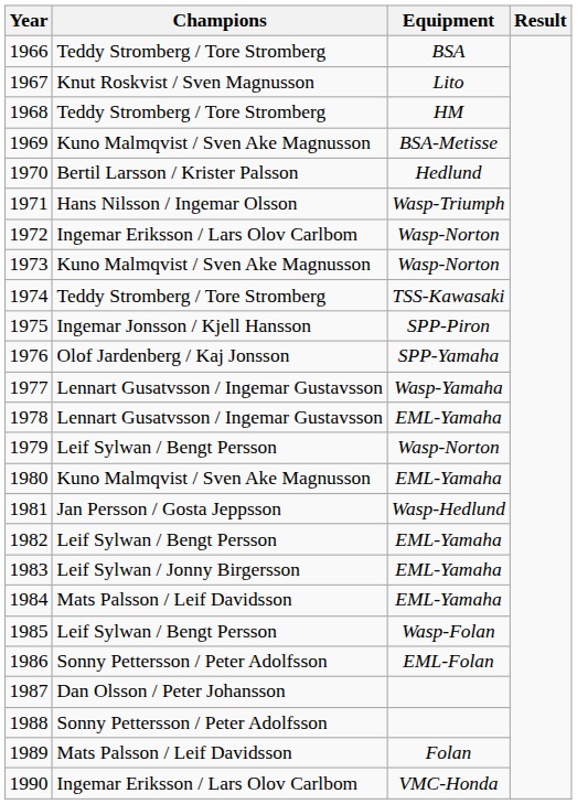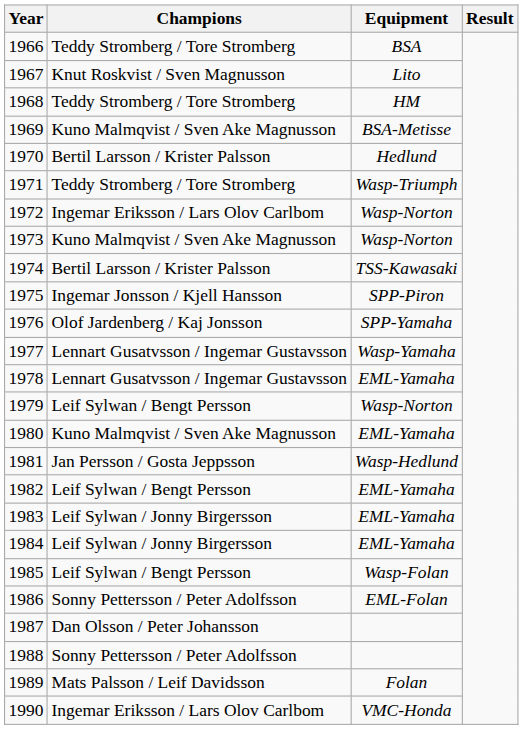 <table class="wikitable" style="display:inline-table;">
 <tr>
 <th>Year</th>
 <th>Champions</th>
 <th>Equipment</th>
 <th>Result</th>
 </tr>
 <tr align="center">
 <td>1966</td>
 <td align="left">Teddy Stromberg / Tore Stromberg</td>
 <td><em>BSA</em></td>
 <td rowspan=25></td>
 </tr>
 <tr align="center">
 <td>1967</td>
 <td align="left">Knut Roskvist / Sven Magnusson</td>
 <td><em>Lito</em></td>
 </tr>
 <tr align="center">
 <td>1968</td>
 <td align="left">Teddy Stromberg / Tore Stromberg</td>
 <td><em>HM</em></td>
 </tr>
 <tr align="center">
 <td>1969</td>
 <td align="left">Kuno Malmqvist / Sven Ake Magnusson</td>
 <td><em>BSA-Metisse</em></td>
 </tr>
 <tr align="center">
 <td>1970</td>
 <td align="left">Bertil Larsson / Krister Palsson</td>
 <td><em>Hedlund</em></td>
 </tr>
 <tr align="center">
 <td>1971</td>
-<td align="left">Hans Nilsson / Ingemar Olsson</td>
+<td align="left">Teddy Stromberg / Tore Stromberg</td>
 <td><em>Wasp-Triumph</em></td>
 </tr>
 <tr align="center">
 <td>1972</td>
 <td align="left">Ingemar Eriksson / Lars Olov Carlbom</td>
 <td><em>Wasp-Norton</em></td>
 </tr>
 <tr align="center">
 <td>1973</td>
 <td align="left">Kuno Malmqvist / Sven Ake Magnusson</td>
 <td><em>Wasp-Norton</em></td>
 </tr>
 <tr align="center">
 <td>1974</td>
-<td align="left">Teddy Stromberg / Tore Stromberg</td>
+<td align="left">Bertil Larsson / Krister Palsson</td>
 <td><em>TSS-Kawasaki</em></td>
 </tr>
 <tr align="center">
 <td>1975</td>
 <td align="left">Ingemar Jonsson / Kjell Hansson</td>
 <td><em>SPP-Piron</em></td>
 </tr>
 <tr align="center">
 <td>1976</td>
 <td align="left">Olof Jardenberg / Kaj Jonsson</td>
 <td><em>SPP-Yamaha</em></td>
 </tr>
 <tr align="center">
 <td>1977</td>
 <td align="left">Lennart Gusatvsson / Ingemar Gustavsson</td>
 <td><em>Wasp-Yamaha</em></td>
 </tr>
 <tr align="center">
 <td>1978</td>
 <td align="left">Lennart Gusatvsson / Ingemar Gustavsson</td>
 <td><em>EML-Yamaha</em></td>
 </tr>
 <tr align="center">
 <td>1979</td>
 <td align="left">Leif Sylwan / Bengt Persson</td>
 <td><em>Wasp-Norton</em></td>
 </tr>
 <tr align="center">
 <td>1980</td>
 <td align="left">Kuno Malmqvist / Sven Ake Magnusson</td>
 <td><em>EML-Yamaha</em></td>
 </tr>
 <tr align="center">
 <td>1981</td>
 <td align="left">Jan Persson / Gosta Jeppsson</td>
 <td><em>Wasp-Hedlund</em></td>
 </tr>
 <tr align="center">
 <td>1982</td>
 <td align="left">Leif Sylwan / Bengt Persson</td>
 <td><em>EML-Yamaha</em></td>
 </tr>
 <tr align="center">
 <td>1983</td>
 <td align="left">Leif Sylwan / Jonny Birgersson</td>
 <td><em>EML-Yamaha</em></td>
 </tr>
 <tr align="center">
 <td>1984</td>
-<td align="left">Mats Palsson / Leif Davidsson</td>
+<td align="left">Leif Sylwan / Jonny Birgersson</td>
 <td><em>EML-Yamaha</em></td>
 </tr>
 <tr align="center">
 <td>1985</td>
 <td align="left">Leif Sylwan / Bengt Persson</td>
 <td><em>Wasp-Folan</em></td>
 </tr>
 <tr align="center">
 <td>1986</td>
 <td align="left">Sonny Pettersson / Peter Adolfsson</td>
 <td><em>EML-Folan</em></td>
 </tr>
 <tr align="center">
 <td>1987</td>
 <td align="left">Dan Olsson / Peter Johansson</td>
 <td></td>
 </tr>
 <tr align="center">
 <td>1988</td>
 <td align="left">Sonny Pettersson / Peter Adolfsson</td>
 <td></td>
 </tr>
 <tr align="center">
 <td>1989</td>
 <td align="left">Mats Palsson / Leif Davidsson</td>
 <td><em>Folan</em></td>
 </tr>
 <tr align="center">
 <td>1990</td>
 <td align="left">Ingemar Eriksson / Lars Olov Carlbom</td>
 <td><em>VMC-Honda</em></td>
 </tr>
 </table>
